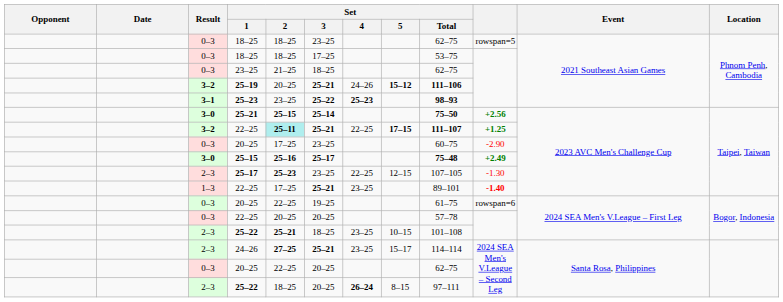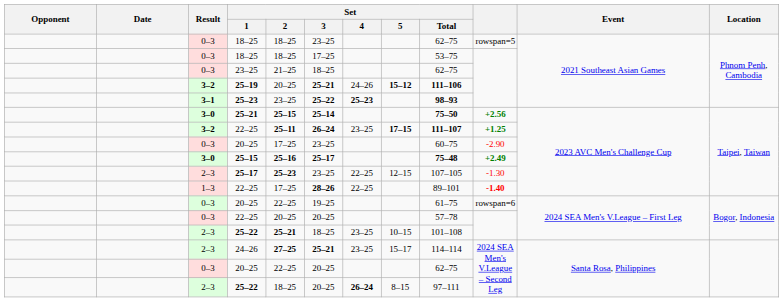 <table class="wikitable" style="font-size:90%; width=100%">
 <tr>
 <th rowspan=2 width=12%>Opponent</th>
 <th rowspan=2 width=12%>Date</th>
 <th rowspan=2 width=5%>Result</th>
 <th colspan=6>Set</th>
 <th rowspan=2 width=5%></th>
 <th rowspan=2 width=25%>Event</th>
 <th rowspan=2 width=15%>Location</th>
 </tr>
 <tr>
 <th width=5%>1</th>
 <th width=5%>2</th>
 <th width=5%>3</th>
 <th width=5%>4</th>
 <th width=5%>5</th>
 <th width=7%>Total</th>
 </tr>
 <tr style="text-align:center;">
 <td style="text-align:left;"></td>
 <td></td>
 <td style="background:#ffdddd;">0–3</td>
 <td>18–25</td>
 <td>18–25</td>
 <td>23–25</td>
 <td></td>
 <td></td>
 <td>62–75</td>
 <td>rowspan=5 </td>
 <td rowspan=5><a href='#'>2021 Southeast Asian Games</a></td>
 <td rowspan=5><a href='#'>Phnom Penh</a>, <a href='#'>Cambodia</a></td>
 </tr>
 <tr style="text-align:center;">
 <td style="text-align:left;"></td>
 <td></td>
 <td style="background:#ffdddd;">0–3</td>
 <td>18–25</td>
 <td>18–25</td>
 <td>17–25</td>
 <td></td>
 <td></td>
 <td>53–75</td>
 </tr>
 <tr style="text-align:center;">
 <td style="text-align:left;"></td>
 <td></td>
 <td style="background:#ffdddd;">0–3</td>
 <td>23–25</td>
 <td>21–25</td>
 <td>18–25</td>
 <td></td>
 <td></td>
 <td>62–75</td>
 </tr>
 <tr style="text-align:center;">
 <td style="text-align:left;"></td>
 <td></td>
 <td style="background:#ddffdd;"><strong>3–2</strong></td>
 <td><strong>25–19</strong></td>
 <td>20–25</td>
 <td><strong>25–21</strong></td>
 <td>24–26</td>
 <td><strong>15–12</strong></td>
 <td><strong>111–106</strong></td>
 </tr>
 <tr style="text-align:center;">
 <td style="text-align:left;"></td>
 <td></td>
 <td style="background:#ddffdd;"><strong>3–1</strong></td>
 <td><strong>25–23</strong></td>
 <td>23–25</td>
 <td><strong>25–22</strong></td>
 <td><strong>25–23</strong></td>
 <td></td>
 <td><strong>98–93</strong></td>
 </tr>
 <tr style="text-align:center;">
 <td style="text-align:left;"></td>
 <td></td>
 <td style="background:#ddffdd;"><strong>3–0</strong></td>
 <td><strong>25–21</strong></td>
 <td><strong>25–15</strong></td>
 <td><strong>25–14</strong></td>
 <td></td>
 <td></td>
 <td><strong>75–50</strong></td>
 <td style="color:green"><strong>+2.56</strong></td>
 <td rowspan=6><a href='#'>2023 AVC Men's Challenge Cup</a></td>
 <td rowspan=6><a href='#'>Taipei</a>, <a href='#'>Taiwan</a></td>
 </tr>
 <tr style="text-align:center;">
 <td style="text-align:left;"></td>
 <td></td>
 <td style="background:#ddffdd;"><strong>3–2</strong></td>
 <td>22–25</td>
-<td style="background: paleturquoise;"><strong>25–11</strong></td>
-<td><strong>25–21</strong></td>
-<td>22–25</td>
+<td><strong>25–11</strong></td>
+<td><strong>26–24</strong></td>
+<td>23–25</td>
 <td><strong>17–15</strong></td>
 <td><strong>111–107</strong></td>
 <td style="color:green"><strong>+1.25</strong></td>
 </tr>
 <tr style="text-align:center;">
 <td style="text-align:left;"></td>
 <td></td>
 <td style="background:#ffdddd;">0–3</td>
 <td>20–25</td>
 <td>17–25</td>
 <td>23–25</td>
 <td></td>
 <td></td>
 <td>60–75</td>
 <td style="color:red">-2.90</td>
 </tr>
 <tr style="text-align:center;">
 <td style="text-align:left;"></td>
 <td></td>
 <td style="background:#ddffdd;"><strong>3–0</strong></td>
 <td><strong>25–15</strong></td>
 <td><strong>25–16</strong></td>
 <td><strong>25–17</strong></td>
 <td></td>
 <td></td>
 <td><strong>75–48</strong></td>
 <td style="color:green"><strong>+2.49</strong></td>
 </tr>
 <tr style="text-align:center;">
 <td style="text-align:left;"></td>
 <td></td>
 <td style="background:#ffdddd;">2–3</td>
 <td><strong>25–17</strong></td>
 <td><strong>25–23</strong></td>
 <td>23–25</td>
 <td>22–25</td>
 <td>12–15</td>
 <td>107–105</td>
 <td style="color:red">-1.30</td>
 </tr>
 <tr style="text-align:center;">
 <td style="text-align:left;"></td>
 <td></td>
 <td style="background:#ffdddd;">1–3</td>
 <td>22–25</td>
 <td>17–25</td>
-<td><strong>25–21</strong></td>
-<td>23–25</td>
+<td><strong>28–26</strong></td>
+<td>22–25</td>
 <td></td>
 <td>89–101</td>
 <td style="color:red"><strong>-1.40</strong></td>
 </tr>
 <tr style="text-align:center;">
 <td style="text-align:left;"></td>
 <td></td>
 <td style="background:#ddffdd;">0–3</td>
 <td>20–25</td>
 <td>22–25</td>
 <td>19–25</td>
 <td></td>
 <td></td>
 <td>61–75</td>
 <td>rowspan=6 </td>
 <td rowspan=3><a href='#'>2024 SEA Men's V.League – First Leg</a></td>
 <td rowspan=3><a href='#'>Bogor</a>, <a href='#'>Indonesia</a></td>
 </tr>
 <tr style="text-align:center;">
 <td style="text-align:left;"></td>
 <td></td>
 <td style="background:#ffdddd;">0–3</td>
 <td>22–25</td>
 <td>20–25</td>
 <td>20–25</td>
 <td></td>
 <td></td>
 <td>57–78</td>
 </tr>
 <tr style="text-align:center;">
 <td style="text-align:left;"></td>
 <td></td>
 <td style="background:#ddffdd;">2–3</td>
 <td><strong>25–22</strong></td>
 <td><strong>25–21</strong></td>
 <td>18–25</td>
 <td>23–25</td>
 <td>10–15</td>
 <td>101–108</td>
 </tr>
 <tr style="text-align:center;">
 <td style="text-align:left;"></td>
 <td></td>
 <td style="background:#ddffdd;">2–3</td>
 <td>24–26</td>
 <td><strong>27–25</strong></td>
 <td><strong>25–21</strong></td>
 <td>23–25</td>
 <td>15–17</td>
 <td>114–114</td>
 <td rowspan=3><a href='#'>2024 SEA Men's V.League – Second Leg</a></td>
 <td rowspan=3><a href='#'>Santa Rosa</a>, <a href='#'>Philippines</a></td>
 </tr>
 <tr style="text-align:center;">
 <td style="text-align:left;"></td>
 <td></td>
 <td style="background:#ffdddd;">0–3</td>
 <td>20–25</td>
 <td>22–25</td>
 <td>20–25</td>
 <td></td>
 <td></td>
 <td>62–75</td>
 </tr>
 <tr style="text-align:center;">
 <td style="text-align:left;"></td>
 <td></td>
 <td style="background:#ddffdd;">2–3</td>
 <td><strong>25–22</strong></td>
 <td>18–25</td>
 <td>20–25</td>
 <td><strong>26–24</strong></td>
 <td>8–15</td>
 <td>97–111</td>
 </tr>
 </table>
